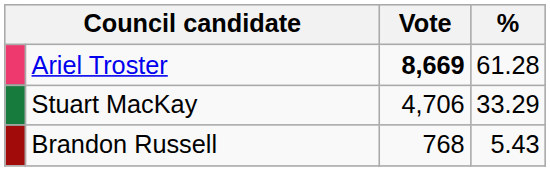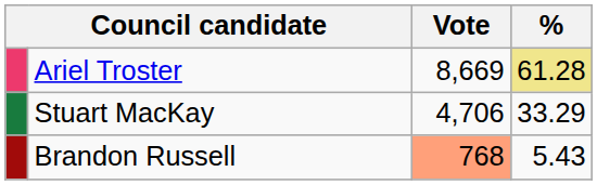 <table class="wikitable">
 <tr>
 <th bgcolor="#DDDDFF" width="230px" colspan="2">Council candidate</th>
 <th bgcolor="#DDDDFF" width="50px">Vote</th>
 <th bgcolor="#DDDDFF" width="30px">%</th>
 </tr>
 <tr>
 <td style="background-color:#ED396D;"></td>
 <td style="text-align:left;"><a href='#'>Ariel Troster</a></td>
-<td style="text-align:right;"><strong>8,669</strong></td>
-<td style="text-align:right;">61.28</td>
+<td style="text-align:right;">8,669</td>
+<td style="background: khaki; text-align:right;">61.28</td>
 </tr>
 <tr>
 <td style="background-color:#187B3E;"></td>
 <td style="text-align:left;">Stuart MacKay</td>
 <td style="text-align:right;">4,706</td>
 <td style="text-align:right;">33.29</td>
 </tr>
 <tr>
 <td style="background-color:#A10B0A;"></td>
 <td style="text-align:left;">Brandon Russell</td>
-<td style="text-align:right;">768</td>
+<td style="background: lightsalmon; text-align:right;">768</td>
 <td style="text-align:right;">5.43</td>
 </tr>
 </table>
